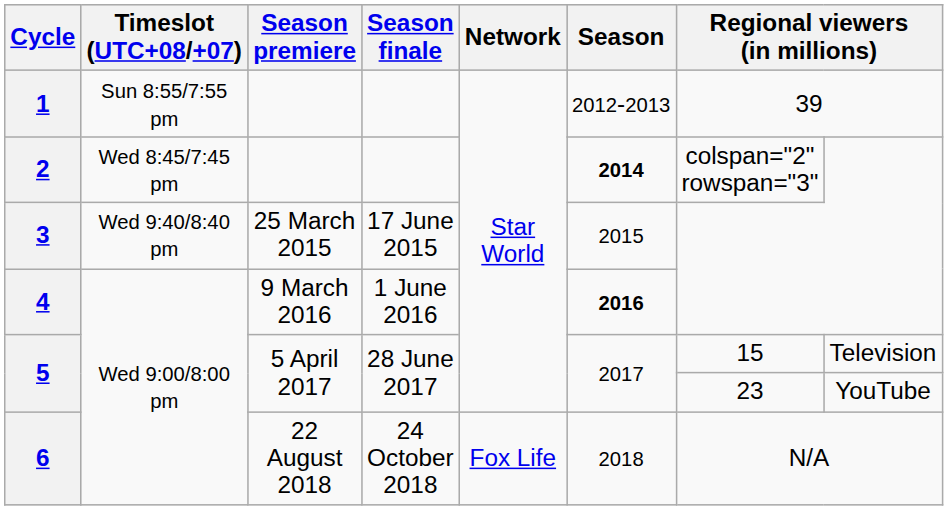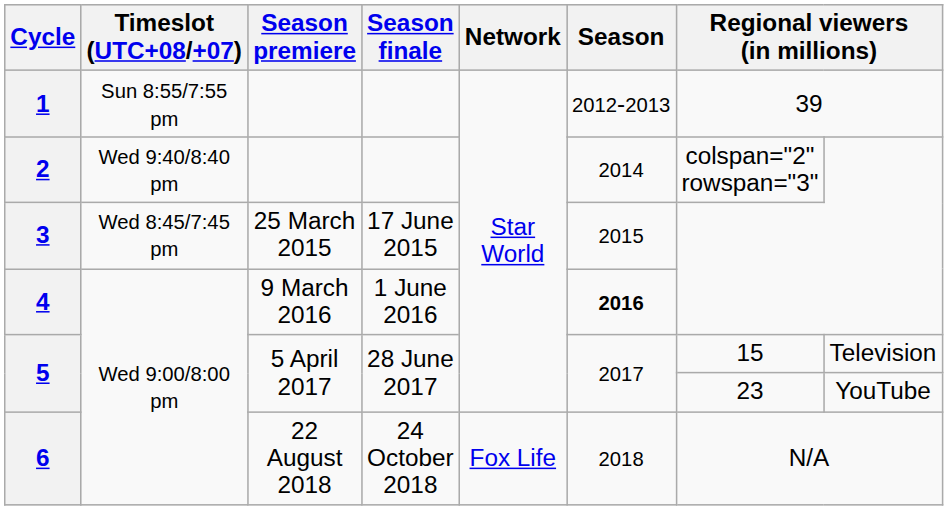 <table class="wikitable" style="text-align:center; width:75%;">
 <tr style="background:#e0e0e0;">
 <th><a href='#'>Cycle</a></th>
 <th>Timeslot (<a href='#'>UTC+08</a>/<a href='#'>+07</a>)</th>
 <th><a href='#'>Season premiere</a></th>
 <th><a href='#'>Season finale</a></th>
 <th>Network</th>
 <th>Season</th>
 <th colspan="2">Regional viewers<br>(in millions)</th>
 </tr>
 <tr style="background:#f9f9f9;">
 <th><a href='#'>1</a></th>
 <td><small>Sun 8:55/7:55 pm</small></td>
 <td></td>
 <td></td>
 <td rowspan="6"><a href='#'>Star World</a></td>
 <td><small>2012</small>-<small>2013</small></td>
 <td colspan="2">39</td>
 </tr>
 <tr style="background:#f9f9f9;">
 <th><a href='#'>2</a></th>
-<td><small>Wed 8:45/7:45 pm</small></td>
+<td><small>Wed 9:40/8:40 pm</small></td>
 <td></td>
 <td></td>
-<td><strong><small>2014</small></strong></td>
+<td><small>2014</small></td>
 <td>colspan="2" rowspan="3" </td>
 </tr>
 <tr style="background:#f9f9f9;">
 <th><a href='#'>3</a></th>
-<td><small>Wed 9:40/8:40 pm</small></td>
+<td><small>Wed 8:45/7:45 pm</small></td>
 <td>25 March 2015</td>
 <td>17 June 2015</td>
 <td><small>2015</small></td>
 </tr>
 <tr style="background:#f9f9f9;">
 <th><a href='#'>4</a></th>
 <td rowspan="4"><small>Wed 9:00/8:00 pm</small></td>
 <td>9 March 2016</td>
 <td>1 June 2016</td>
 <td><strong><small>2016</small></strong></td>
 </tr>
 <tr style="background:#f9f9f9;">
 <th rowspan="2"><a href='#'>5</a></th>
 <td rowspan="2">5 April 2017</td>
 <td rowspan="2">28 June 2017</td>
 <td rowspan="2"><small>2017</small></td>
 <td>15</td>
 <td>Television</td>
 </tr>
 <tr>
 <td>23</td>
 <td>YouTube</td>
 </tr>
 <tr style="background:#f9f9f9;">
 <th><a href='#'>6</a></th>
 <td>22 August 2018</td>
 <td>24 October 2018</td>
 <td><a href='#'>Fox Life</a></td>
 <td><small>2018</small></td>
 <td colspan="2">N/A</td>
 </tr>
 </table>
